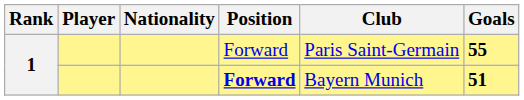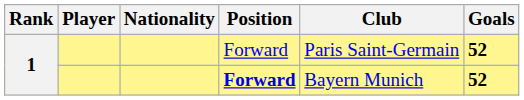 <table class="wikitable">
 <tr>
 <th scope="col">Rank</th>
 <th scope="col">Player</th>
 <th scope="col">Nationality</th>
 <th scope="col">Position</th>
 <th scope="col">Club</th>
 <th scope="col">Goals</th>
 </tr>
 <tr style="background-color:#FFF68F">
 <th rowspan="2" scope="row">1</th>
 <td><strong></strong></td>
 <td></td>
 <td><a href='#'>Forward</a></td>
 <td> <a href='#'>Paris Saint-Germain</a></td>
-<td><strong>55</strong></td>
+<td><strong>52</strong></td>
 </tr>
 <tr style="background-color:#FFF68F">
 <td><strong></strong></td>
 <td></td>
 <td><strong><a href='#'>Forward</a></strong></td>
 <td> <a href='#'>Bayern Munich</a></td>
-<td><strong>51</strong></td>
+<td><strong>52</strong></td>
 </tr>
 </table>
